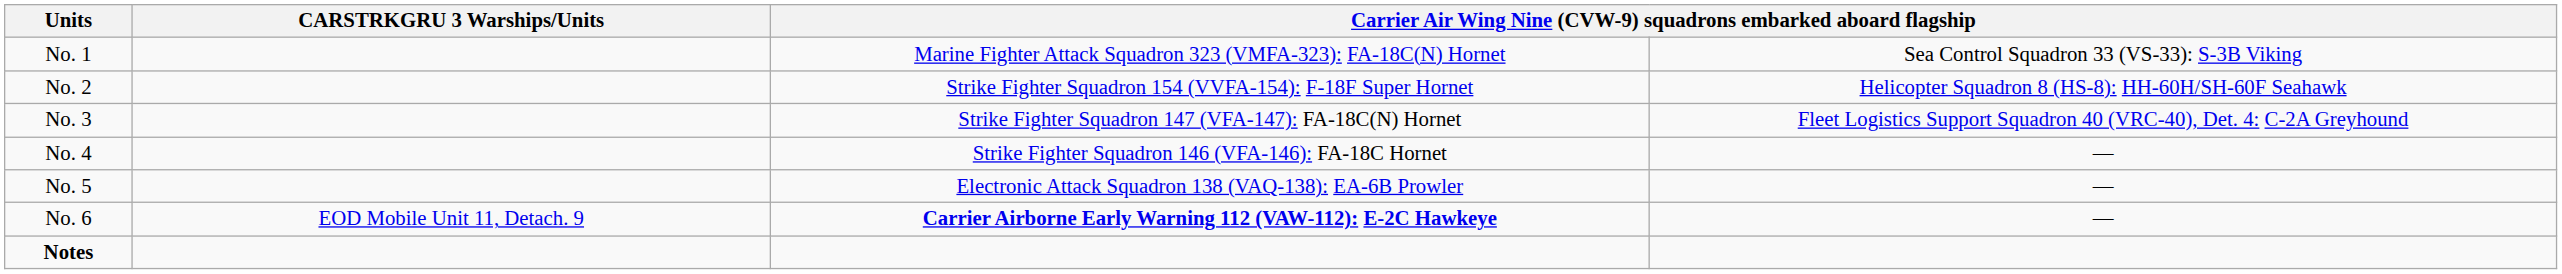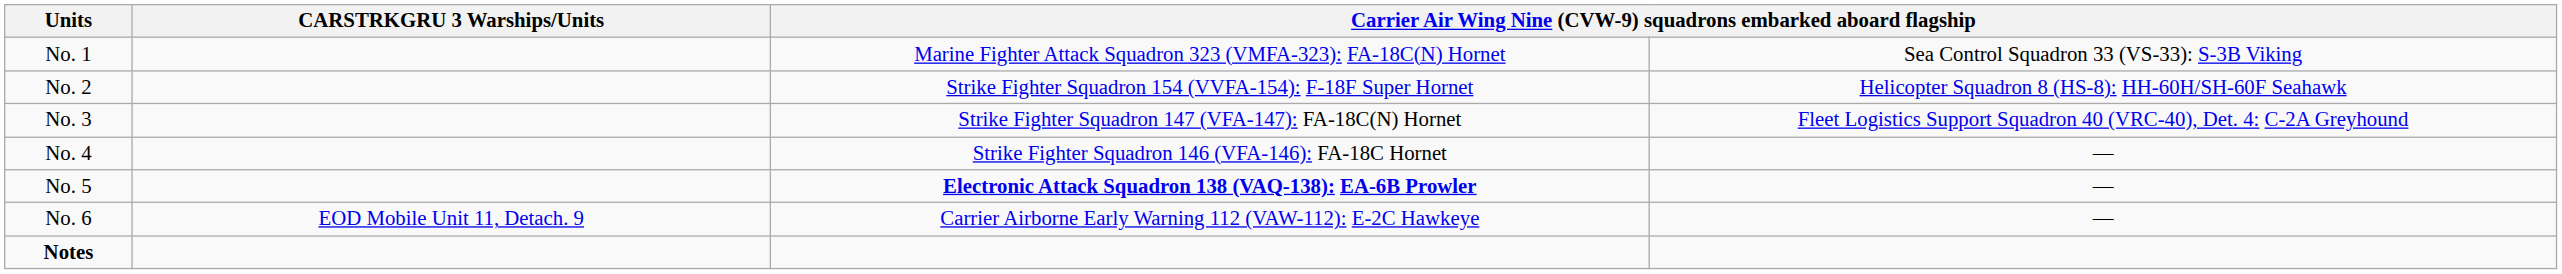 <table class="wikitable"  style="text-align:center; width:99%;">
 <tr>
 <th style="width:5%;">Units</th>
 <th style="width:25%; text-align:center;">CARSTRKGRU 3 Warships/Units</th>
 <th colspan="2" style="text-align:center;"><a href='#'>Carrier Air Wing Nine</a> (CVW-9) squadrons embarked aboard flagship </th>
 </tr>
 <tr>
 <td>No. 1</td>
 <td></td>
 <td><a href='#'>Marine Fighter Attack Squadron 323 (VMFA-323):</a> <a href='#'>FA-18C(N) Hornet</a></td>
 <td>Sea Control Squadron 33 (VS-33):  <a href='#'>S-3B Viking</a></td>
 </tr>
 <tr>
 <td>No. 2</td>
 <td></td>
 <td><a href='#'>Strike Fighter Squadron 154 (VVFA-154):</a> <a href='#'>F-18F Super Hornet</a></td>
 <td><a href='#'>Helicopter Squadron 8 (HS-8):</a> <a href='#'>HH-60H/SH-60F Seahawk</a></td>
 </tr>
 <tr>
 <td>No. 3</td>
 <td></td>
 <td><a href='#'>Strike Fighter Squadron 147 (VFA-147):</a> FA-18C(N) Hornet</td>
 <td><a href='#'>Fleet Logistics Support Squadron 40 (VRC-40), Det. 4:</a> <a href='#'>C-2A Greyhound</a></td>
 </tr>
 <tr>
 <td>No. 4</td>
 <td></td>
 <td><a href='#'>Strike Fighter Squadron 146 (VFA-146):</a> FA-18C Hornet</td>
 <td>—</td>
 </tr>
 <tr>
 <td>No. 5</td>
 <td></td>
-<td><a href='#'>Electronic Attack Squadron 138 (VAQ-138):</a> <a href='#'>EA-6B Prowler</a></td>
+<td><strong><a href='#'>Electronic Attack Squadron 138 (VAQ-138):</a> <a href='#'>EA-6B Prowler</a></strong></td>
 <td>—</td>
 </tr>
 <tr>
 <td>No. 6</td>
 <td><a href='#'>EOD Mobile Unit 11, Detach. 9</a></td>
-<td><strong><a href='#'>Carrier Airborne Early Warning 112 (VAW-112):</a> <a href='#'>E-2C Hawkeye</a></strong></td>
+<td><a href='#'>Carrier Airborne Early Warning 112 (VAW-112):</a> <a href='#'>E-2C Hawkeye</a></td>
 <td>—</td>
 </tr>
 <tr>
 <td><strong>Notes</strong></td>
 <td></td>
 <td></td>
 <td></td>
 </tr>
 </table>
